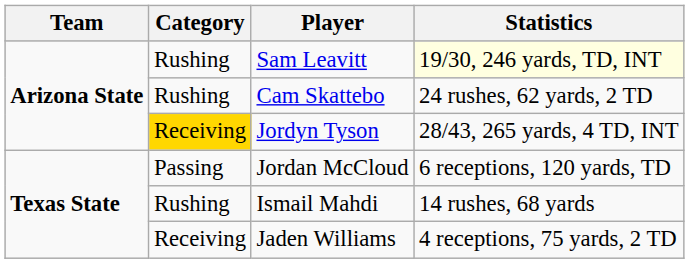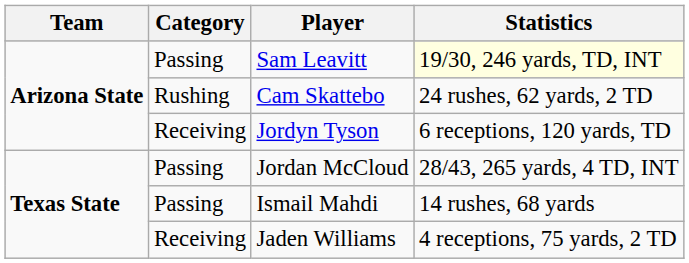 <table class="wikitable" style="float: right;">
 <tr>
 <th>Team</th>
 <th>Category</th>
 <th>Player</th>
 <th>Statistics</th>
 </tr>
 <tr>
 <td rowspan=3><strong>Arizona State</strong></td>
-<td>Rushing</td>
+<td>Passing</td>
 <td><a href='#'>Sam Leavitt</a></td>
 <td style="background: lightyellow;">19/30, 246 yards, TD, INT</td>
 </tr>
 <tr>
 <td>Rushing</td>
 <td><a href='#'>Cam Skattebo</a></td>
 <td>24 rushes, 62 yards, 2 TD</td>
 </tr>
 <tr>
-<td style="background: gold;">Receiving</td>
+<td>Receiving</td>
 <td><a href='#'>Jordyn Tyson</a></td>
-<td>28/43, 265 yards, 4 TD, INT</td>
+<td>6 receptions, 120 yards, TD</td>
 </tr>
 <tr>
 <td rowspan=3><strong>Texas State</strong></td>
 <td>Passing</td>
 <td>Jordan McCloud</td>
-<td>6 receptions, 120 yards, TD</td>
+<td>28/43, 265 yards, 4 TD, INT</td>
 </tr>
 <tr>
-<td>Rushing</td>
+<td>Passing</td>
 <td>Ismail Mahdi</td>
 <td>14 rushes, 68 yards</td>
 </tr>
 <tr>
 <td>Receiving</td>
 <td>Jaden Williams</td>
 <td>4 receptions, 75 yards, 2 TD</td>
 </tr>
 </table>
